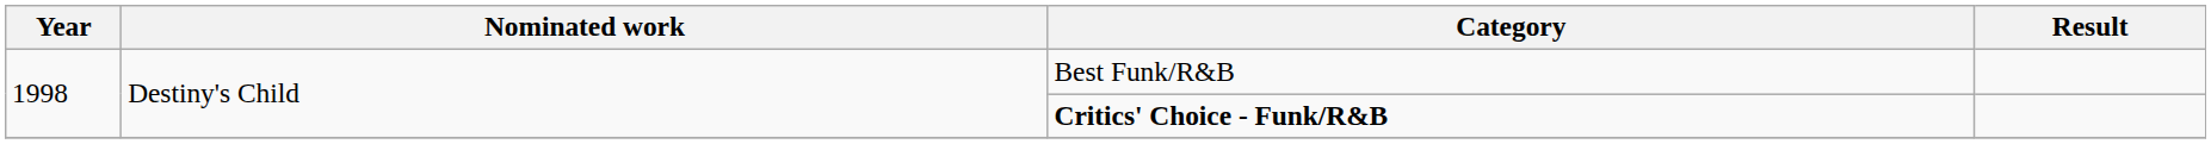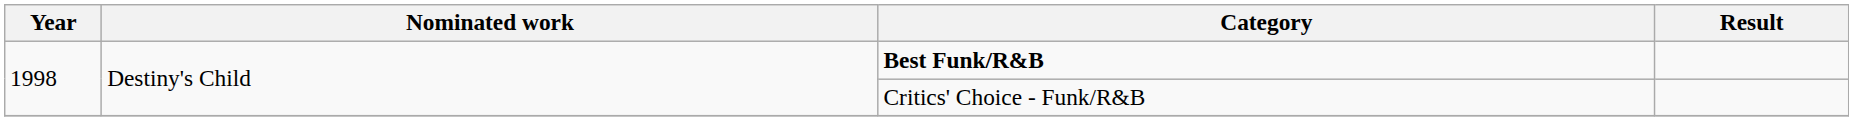 <table class="wikitable" width="100%">
 <tr>
 <th width="5%">Year</th>
 <th width="40%">Nominated work</th>
 <th width="40%">Category</th>
 <th width="10%">Result</th>
 </tr>
 <tr>
 <td rowspan="2">1998</td>
 <td rowspan="2">Destiny's Child</td>
-<td>Best Funk/R&B</td>
+<td><strong>Best Funk/R&B</strong></td>
 <td></td>
 </tr>
 <tr>
-<td><strong>Critics' Choice - Funk/R&B</strong></td>
+<td>Critics' Choice - Funk/R&B</td>
 <td></td>
 </tr>
 <tr>
 </tr>
 </table>
